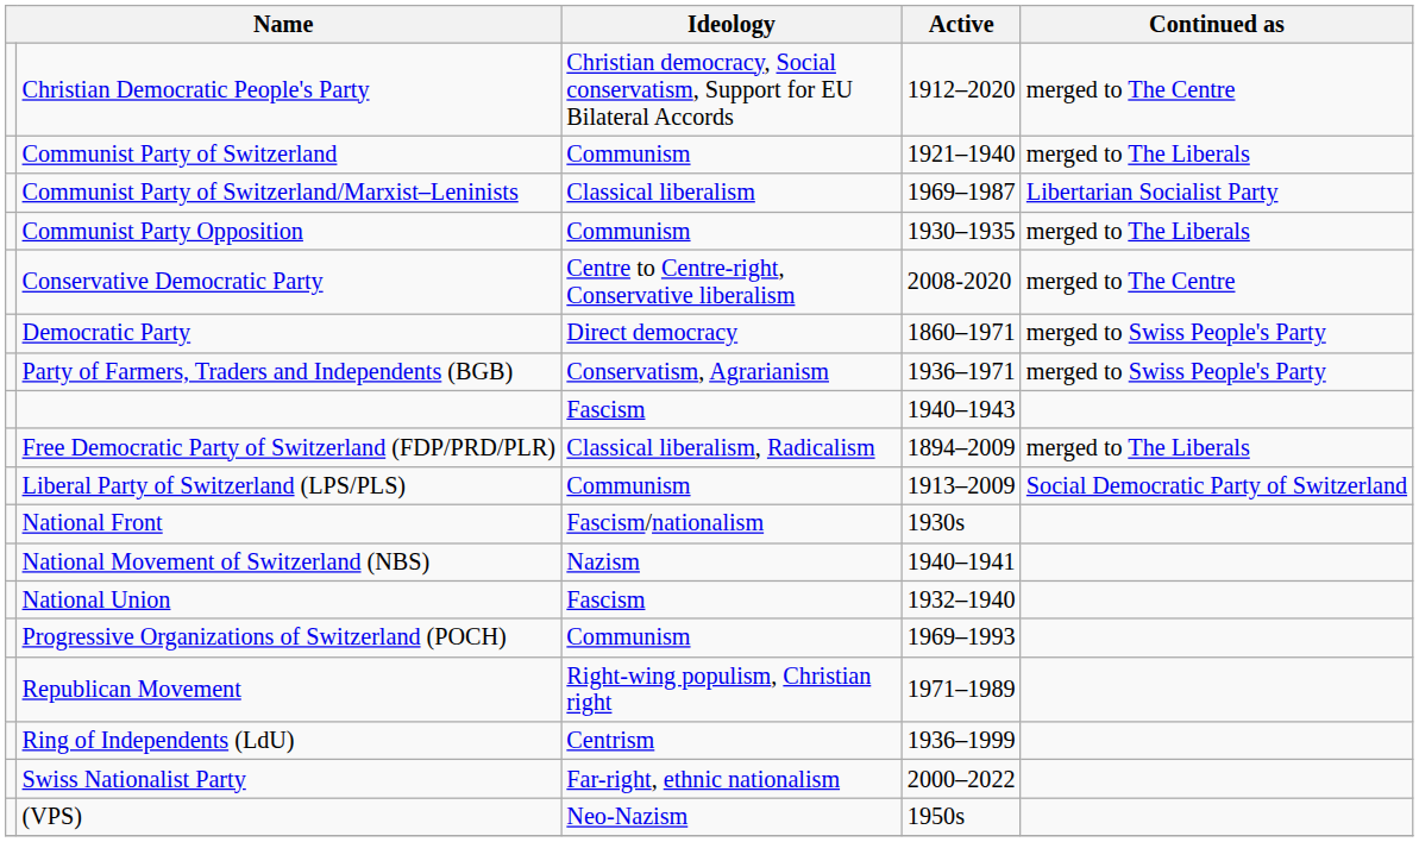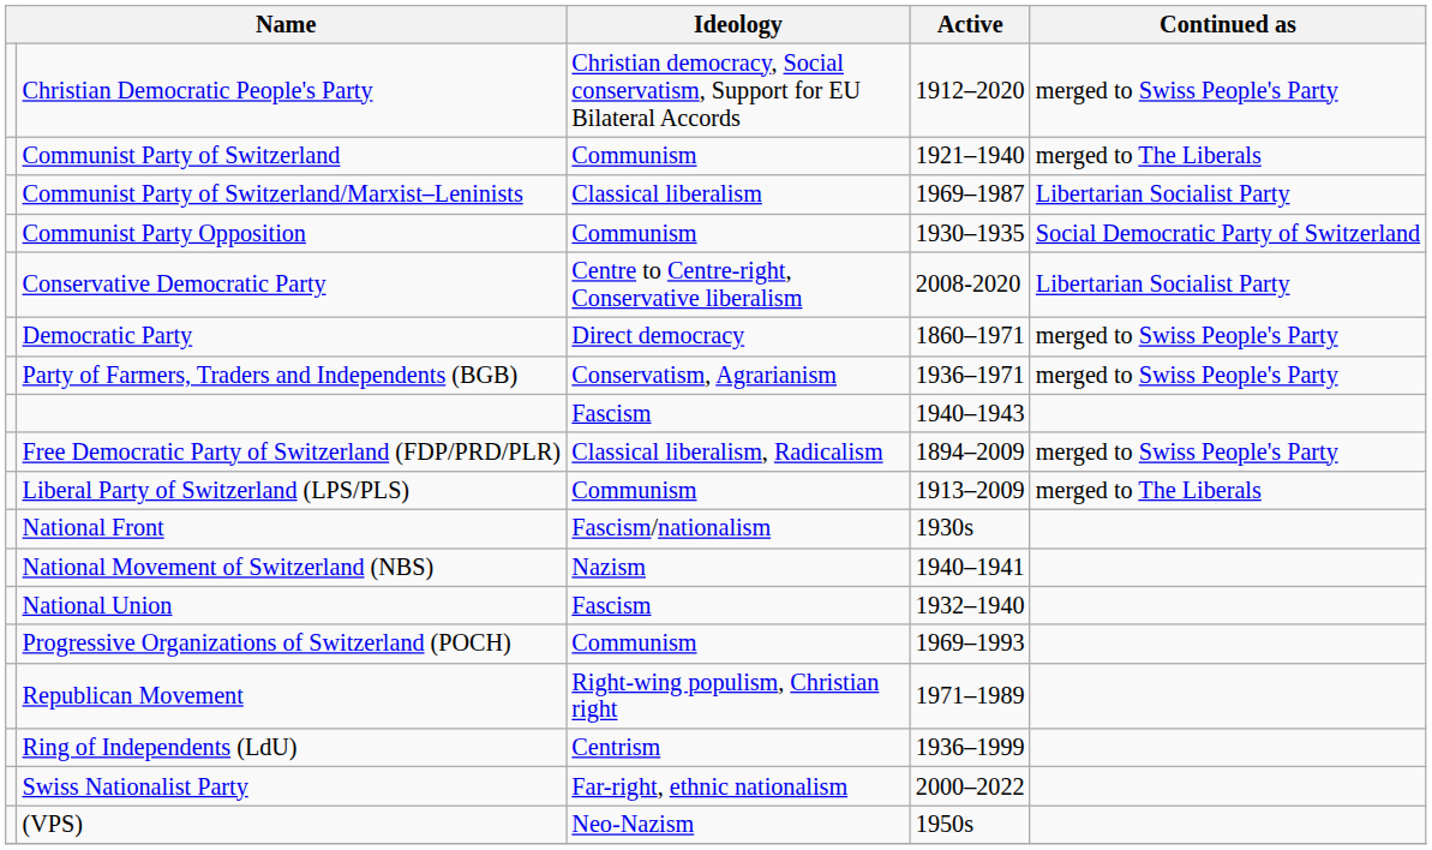 <table class="wikitable sortable">
 <tr ->
 <th colspan="2">Name</th>
 <th width=220px class="unsortable">Ideology</th>
 <th>Active</th>
 <th>Continued as</th>
 </tr>
 <tr>
 <td></td>
 <td><a href='#'>Christian Democratic People's Party</a></td>
 <td><a href='#'>Christian democracy</a>, <a href='#'>Social conservatism</a>, Support for EU Bilateral Accords</td>
 <td>1912–2020</td>
-<td>merged to <a href='#'>The Centre</a></td>
+<td>merged to <a href='#'>Swiss People's Party</a></td>
 </tr>
 <tr ->
 <td></td>
 <td><a href='#'>Communist Party of Switzerland</a></td>
 <td><a href='#'>Communism</a></td>
 <td>1921–1940</td>
 <td>merged to <a href='#'>The Liberals</a></td>
 </tr>
 <tr ->
 <td></td>
 <td><a href='#'>Communist Party of Switzerland/Marxist–Leninists</a></td>
 <td><a href='#'>Classical liberalism</a></td>
 <td>1969–1987</td>
 <td><a href='#'>Libertarian Socialist Party</a></td>
 </tr>
 <tr ->
 <td></td>
 <td><a href='#'>Communist Party Opposition</a></td>
 <td><a href='#'>Communism</a></td>
 <td>1930–1935</td>
-<td>merged to <a href='#'>The Liberals</a></td>
+<td><a href='#'>Social Democratic Party of Switzerland</a></td>
 </tr>
 <tr ->
 <td></td>
 <td><a href='#'>Conservative Democratic Party</a></td>
 <td><a href='#'>Centre</a> to <a href='#'>Centre-right</a>, <a href='#'>Conservative liberalism</a></td>
 <td>2008-2020</td>
-<td>merged to <a href='#'>The Centre</a></td>
+<td><a href='#'>Libertarian Socialist Party</a></td>
 </tr>
 <tr ->
 <td style="background-color: "></td>
 <td><a href='#'>Democratic Party</a></td>
 <td><a href='#'>Direct democracy</a></td>
 <td>1860–1971</td>
 <td>merged to <a href='#'>Swiss People's Party</a></td>
 </tr>
 <tr ->
 <td style="background-color: "></td>
 <td><a href='#'>Party of Farmers, Traders and Independents</a> (BGB)</td>
 <td><a href='#'>Conservatism</a>, <a href='#'>Agrarianism</a></td>
 <td>1936–1971</td>
 <td>merged to <a href='#'>Swiss People's Party</a></td>
 </tr>
 <tr ->
 <td></td>
 <td></td>
 <td><a href='#'>Fascism</a></td>
 <td>1940–1943</td>
 <td></td>
 </tr>
 <tr ->
 <td style="background-color: "></td>
 <td><a href='#'>Free Democratic Party of Switzerland</a> (FDP/PRD/PLR)</td>
 <td><a href='#'>Classical liberalism</a>, <a href='#'>Radicalism</a></td>
 <td>1894–2009</td>
-<td>merged to <a href='#'>The Liberals</a></td>
+<td>merged to <a href='#'>Swiss People's Party</a></td>
 </tr>
 <tr ->
 <td style="background-color: "></td>
 <td><a href='#'>Liberal Party of Switzerland</a>  (LPS/PLS)</td>
 <td><a href='#'>Communism</a></td>
 <td>1913–2009</td>
-<td><a href='#'>Social Democratic Party of Switzerland</a></td>
+<td>merged to <a href='#'>The Liberals</a></td>
 </tr>
 <tr ->
 <td></td>
 <td><a href='#'>National Front</a></td>
 <td><a href='#'>Fascism</a>/<a href='#'>nationalism</a></td>
 <td>1930s</td>
 <td></td>
 </tr>
 <tr ->
 <td></td>
 <td><a href='#'>National Movement of Switzerland</a> (NBS)</td>
 <td><a href='#'>Nazism</a></td>
 <td>1940–1941</td>
 <td></td>
 </tr>
 <tr ->
 <td></td>
 <td><a href='#'>National Union</a></td>
 <td><a href='#'>Fascism</a></td>
 <td>1932–1940</td>
 <td></td>
 </tr>
 <tr ->
 <td></td>
 <td><a href='#'>Progressive Organizations of Switzerland</a> (POCH)</td>
 <td><a href='#'>Communism</a></td>
 <td>1969–1993</td>
 <td></td>
 </tr>
 <tr ->
 <td></td>
 <td><a href='#'>Republican Movement</a></td>
 <td><a href='#'>Right-wing populism</a>, <a href='#'>Christian right</a></td>
 <td>1971–1989</td>
 <td></td>
 </tr>
 <tr ->
 <td></td>
 <td><a href='#'>Ring of Independents</a> (LdU)</td>
 <td><a href='#'>Centrism</a></td>
 <td>1936–1999</td>
 <td></td>
 </tr>
 <tr>
 <td></td>
 <td><a href='#'>Swiss Nationalist Party</a></td>
 <td><a href='#'>Far-right</a>, <a href='#'>ethnic nationalism</a></td>
 <td>2000–2022</td>
 <td></td>
 </tr>
 <tr ->
 <td></td>
 <td> (VPS)</td>
 <td><a href='#'>Neo-Nazism</a></td>
 <td>1950s</td>
 <td></td>
 </tr>
 <tr ->
 </tr>
 </table>
